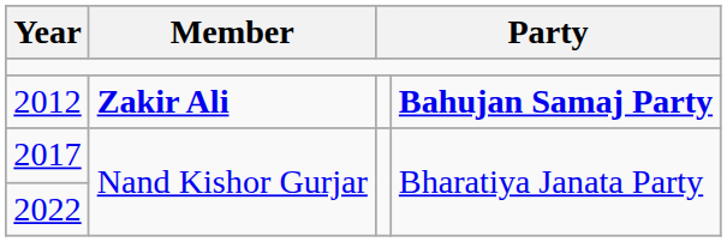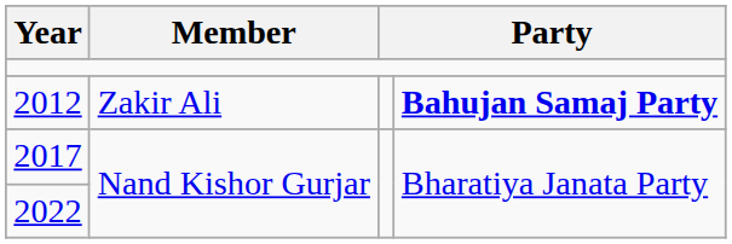 <table class="wikitable">
 <tr>
 <th>Year</th>
 <th>Member</th>
 <th colspan="2">Party</th>
 </tr>
 <tr>
 <td colspan="4"></td>
 </tr>
 <tr>
 <td><a href='#'>2012</a></td>
-<td><strong><a href='#'>Zakir Ali</a></strong></td>
+<td><a href='#'>Zakir Ali</a></td>
 <td style="background-color: "></td>
 <td><strong><a href='#'>Bahujan Samaj Party</a></strong></td>
 </tr>
 <tr>
 <td><a href='#'>2017</a></td>
 <td rowspan="2"><a href='#'>Nand Kishor Gurjar</a></td>
 <td rowspan="2" style="background-color: "></td>
 <td rowspan="2"><a href='#'>Bharatiya Janata Party</a></td>
 </tr>
 <tr>
 <td><a href='#'>2022</a></td>
 </tr>
 </table>
